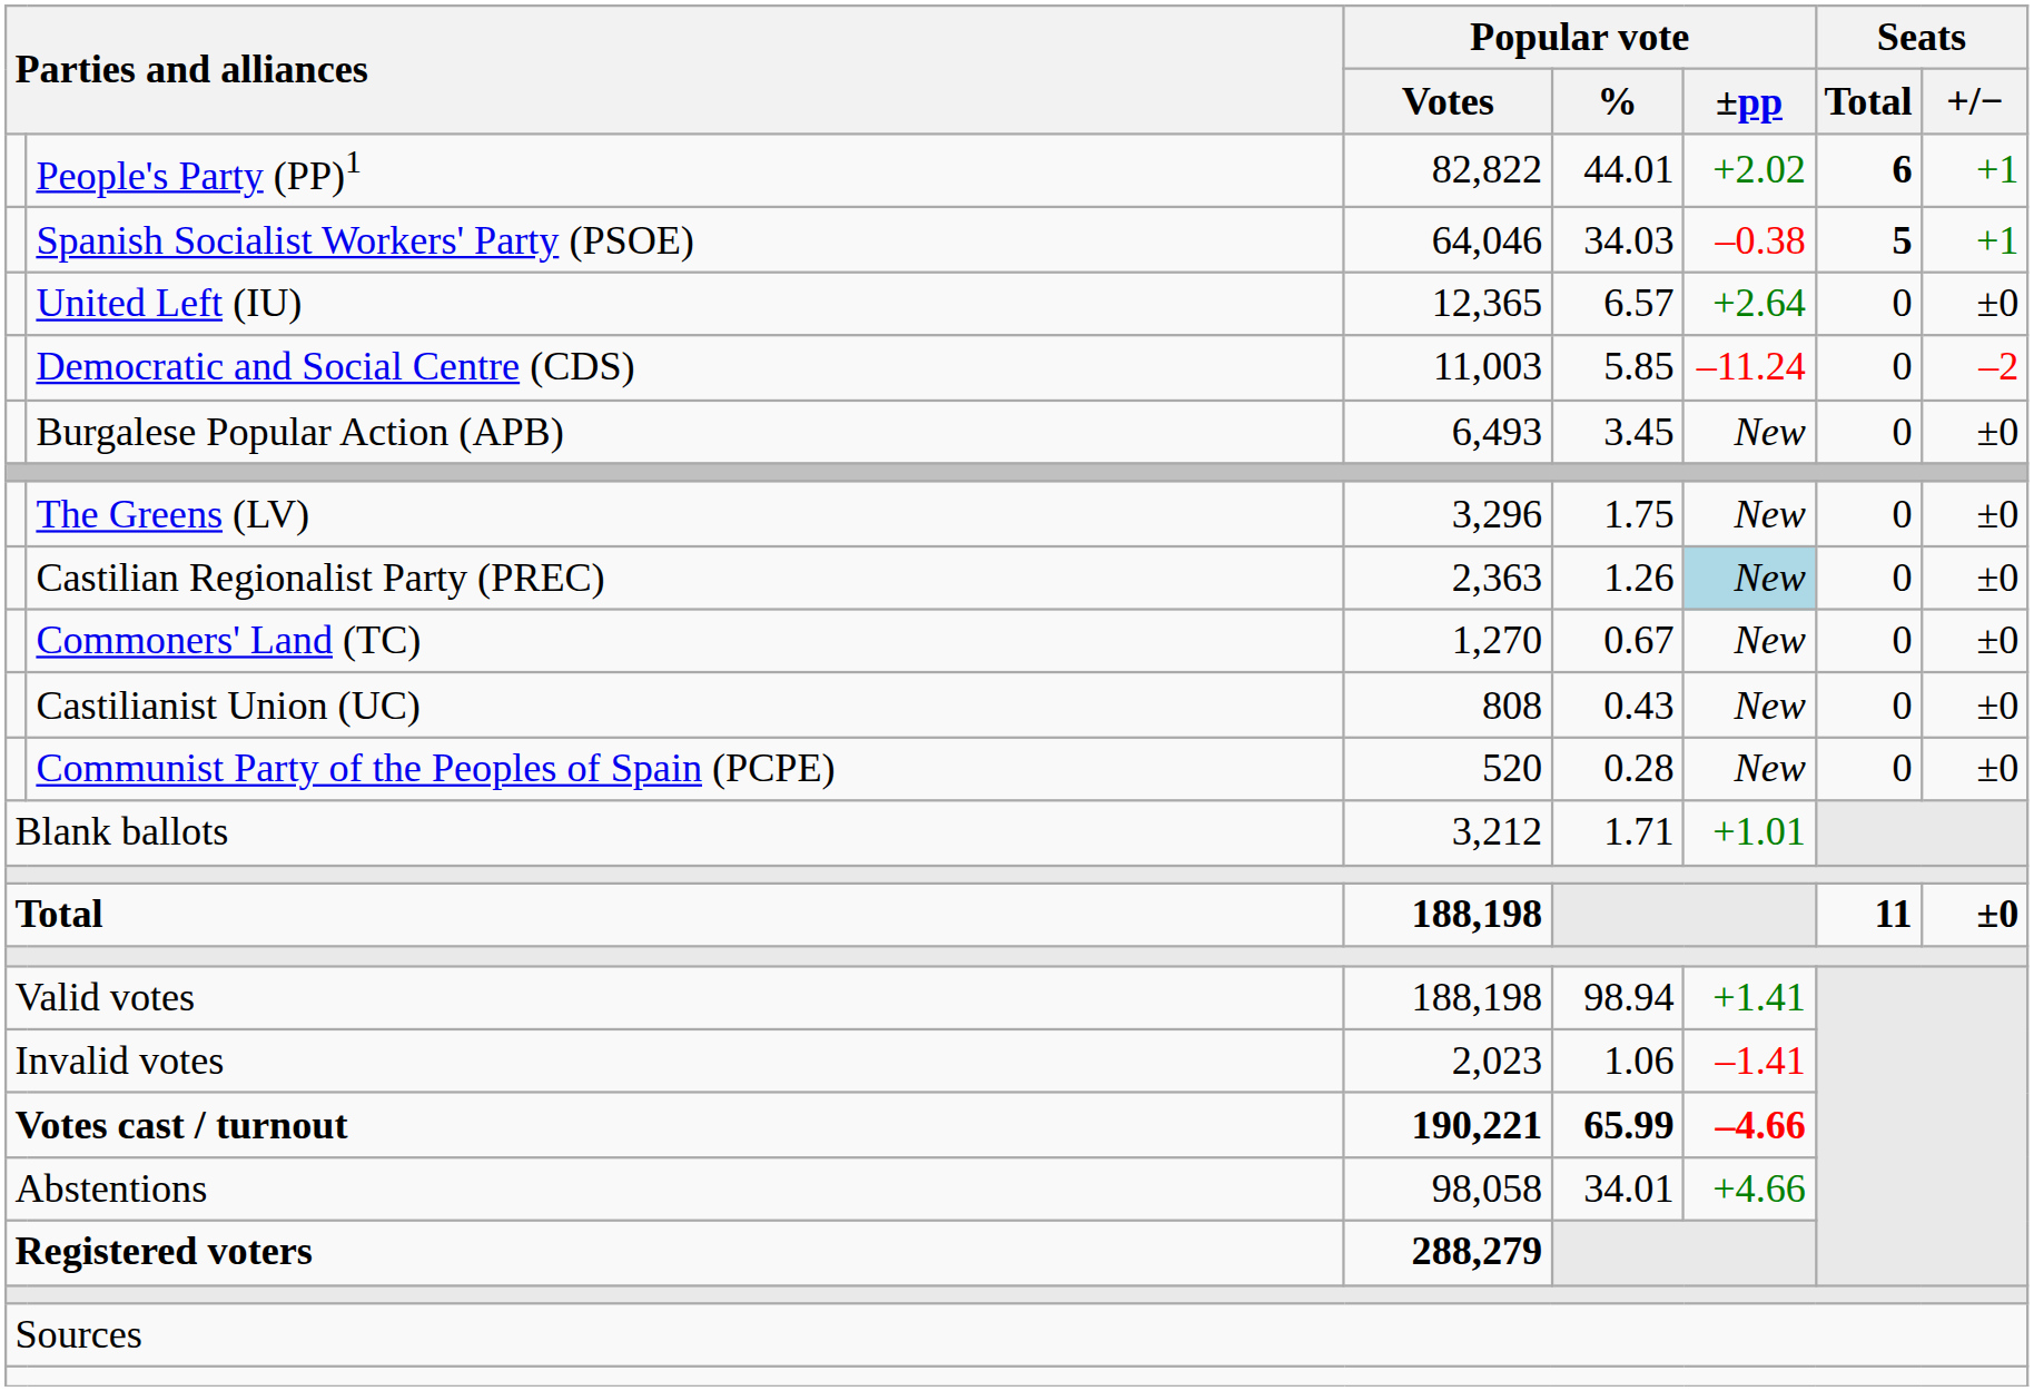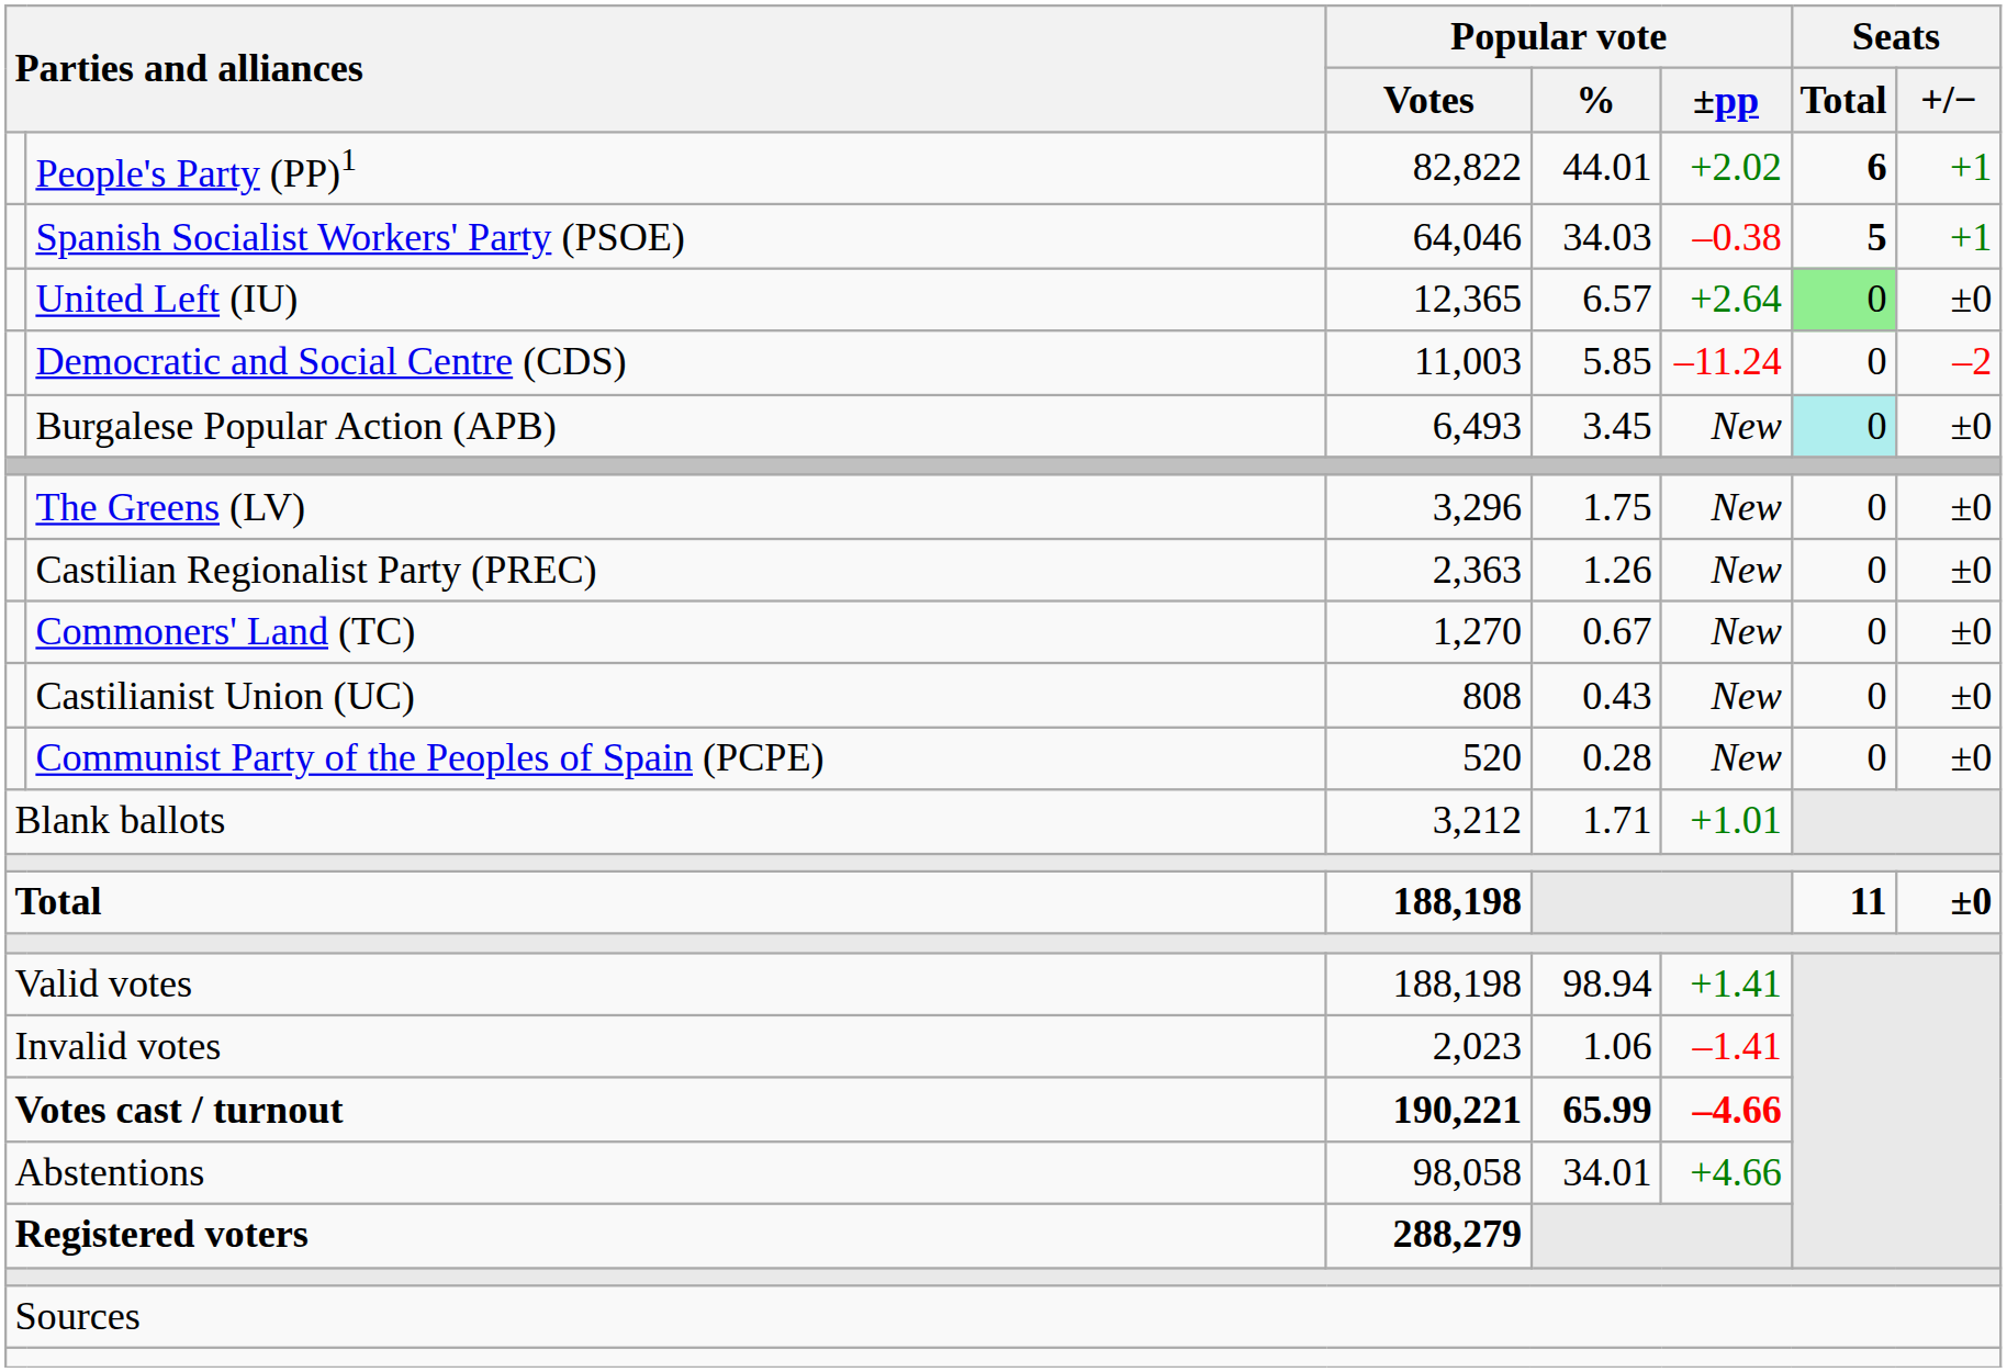 <table class="wikitable" style="text-align:right;">
 <tr>
 <th style="text-align:left;" rowspan="2" colspan="2" width="525">Parties and alliances</th>
 <th colspan="3">Popular vote</th>
 <th colspan="2">Seats</th>
 </tr>
 <tr>
 <th width="75">Votes</th>
 <th width="45">%</th>
 <th width="45">±<a href='#'>pp</a></th>
 <th width="35">Total</th>
 <th width="35">+/−</th>
 </tr>
 <tr>
 <td width="1" style="color:inherit;background:"></td>
 <td align="left"><a href='#'>People's Party</a> (PP)<sup>1</sup></td>
 <td>82,822</td>
 <td>44.01</td>
 <td style="color:green;">+2.02</td>
 <td><strong>6</strong></td>
 <td style="color:green;">+1</td>
 </tr>
 <tr>
 <td style="color:inherit;background:"></td>
 <td align="left"><a href='#'>Spanish Socialist Workers' Party</a> (PSOE)</td>
 <td>64,046</td>
 <td>34.03</td>
 <td style="color:red;">–0.38</td>
 <td><strong>5</strong></td>
 <td style="color:green;">+1</td>
 </tr>
 <tr>
 <td style="color:inherit;background:"></td>
 <td align="left"><a href='#'>United Left</a> (IU)</td>
 <td>12,365</td>
 <td>6.57</td>
 <td style="color:green;">+2.64</td>
-<td>0</td>
+<td style="background: lightgreen;">0</td>
 <td>±0</td>
 </tr>
 <tr>
 <td style="color:inherit;background:"></td>
 <td align="left"><a href='#'>Democratic and Social Centre</a> (CDS)</td>
 <td>11,003</td>
 <td>5.85</td>
 <td style="color:red;">–11.24</td>
 <td>0</td>
 <td style="color:red;">–2</td>
 </tr>
 <tr>
 <td style="color:inherit;background:"></td>
 <td align="left">Burgalese Popular Action (APB)</td>
 <td>6,493</td>
 <td>3.45</td>
 <td><em>New</em></td>
-<td>0</td>
+<td style="background: paleturquoise;">0</td>
 <td>±0</td>
 </tr>
 <tr>
 <td colspan="7" bgcolor="#C0C0C0"></td>
 </tr>
 <tr>
 <td style="color:inherit;background:"></td>
 <td align="left"><a href='#'>The Greens</a> (LV)</td>
 <td>3,296</td>
 <td>1.75</td>
 <td><em>New</em></td>
 <td>0</td>
 <td>±0</td>
 </tr>
 <tr>
 <td style="color:inherit;background:"></td>
 <td align="left">Castilian Regionalist Party (PREC)</td>
 <td>2,363</td>
 <td>1.26</td>
-<td style="background: lightblue;"><em>New</em></td>
+<td><em>New</em></td>
 <td>0</td>
 <td>±0</td>
 </tr>
 <tr>
 <td style="color:inherit;background:"></td>
 <td align="left"><a href='#'>Commoners' Land</a> (TC)</td>
 <td>1,270</td>
 <td>0.67</td>
 <td><em>New</em></td>
 <td>0</td>
 <td>±0</td>
 </tr>
 <tr>
 <td style="color:inherit;background:"></td>
 <td align="left">Castilianist Union (UC)</td>
 <td>808</td>
 <td>0.43</td>
 <td><em>New</em></td>
 <td>0</td>
 <td>±0</td>
 </tr>
 <tr>
 <td style="color:inherit;background:"></td>
 <td align="left"><a href='#'>Communist Party of the Peoples of Spain</a> (PCPE)</td>
 <td>520</td>
 <td>0.28</td>
 <td><em>New</em></td>
 <td>0</td>
 <td>±0</td>
 </tr>
 <tr>
 <td align="left" colspan="2">Blank ballots</td>
 <td>3,212</td>
 <td>1.71</td>
 <td style="color:green;">+1.01</td>
 <td bgcolor="#E9E9E9" colspan="2"></td>
 </tr>
 <tr>
 <td colspan="7" bgcolor="#E9E9E9"></td>
 </tr>
 <tr style="font-weight:bold;">
 <td align="left" colspan="2">Total</td>
 <td>188,198</td>
 <td bgcolor="#E9E9E9" colspan="2"></td>
 <td>11</td>
 <td>±0</td>
 </tr>
 <tr>
 <td colspan="7" bgcolor="#E9E9E9"></td>
 </tr>
 <tr>
 <td align="left" colspan="2">Valid votes</td>
 <td>188,198</td>
 <td>98.94</td>
 <td style="color:green;">+1.41</td>
 <td bgcolor="#E9E9E9" colspan="2" rowspan="5"></td>
 </tr>
 <tr>
 <td align="left" colspan="2">Invalid votes</td>
 <td>2,023</td>
 <td>1.06</td>
 <td style="color:red;">–1.41</td>
 </tr>
 <tr style="font-weight:bold;">
 <td align="left" colspan="2">Votes cast / turnout</td>
 <td>190,221</td>
 <td>65.99</td>
 <td style="color:red;">–4.66</td>
 </tr>
 <tr>
 <td align="left" colspan="2">Abstentions</td>
 <td>98,058</td>
 <td>34.01</td>
 <td style="color:green;">+4.66</td>
 </tr>
 <tr style="font-weight:bold;">
 <td align="left" colspan="2">Registered voters</td>
 <td>288,279</td>
 <td bgcolor="#E9E9E9" colspan="2"></td>
 </tr>
 <tr>
 <td colspan="7" bgcolor="#E9E9E9"></td>
 </tr>
 <tr>
 <td align="left" colspan="7">Sources</td>
 </tr>
 <tr>
 <td colspan="7" style="text-align:left; max-width:790px;"></td>
 </tr>
 </table>
